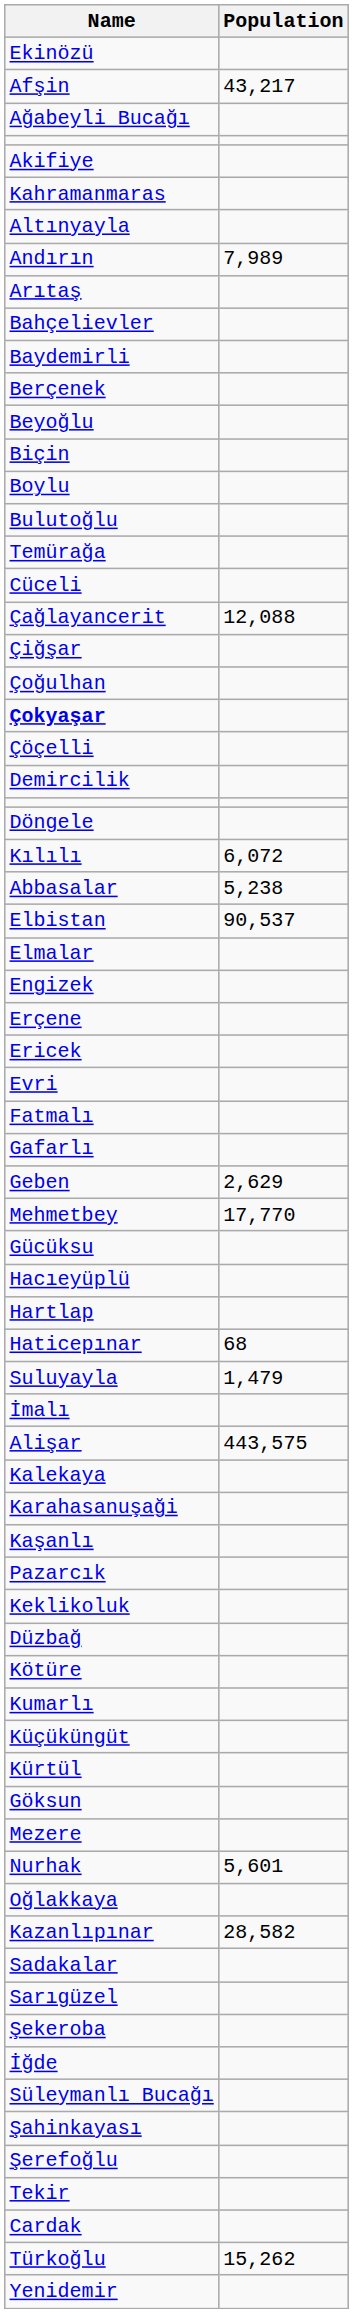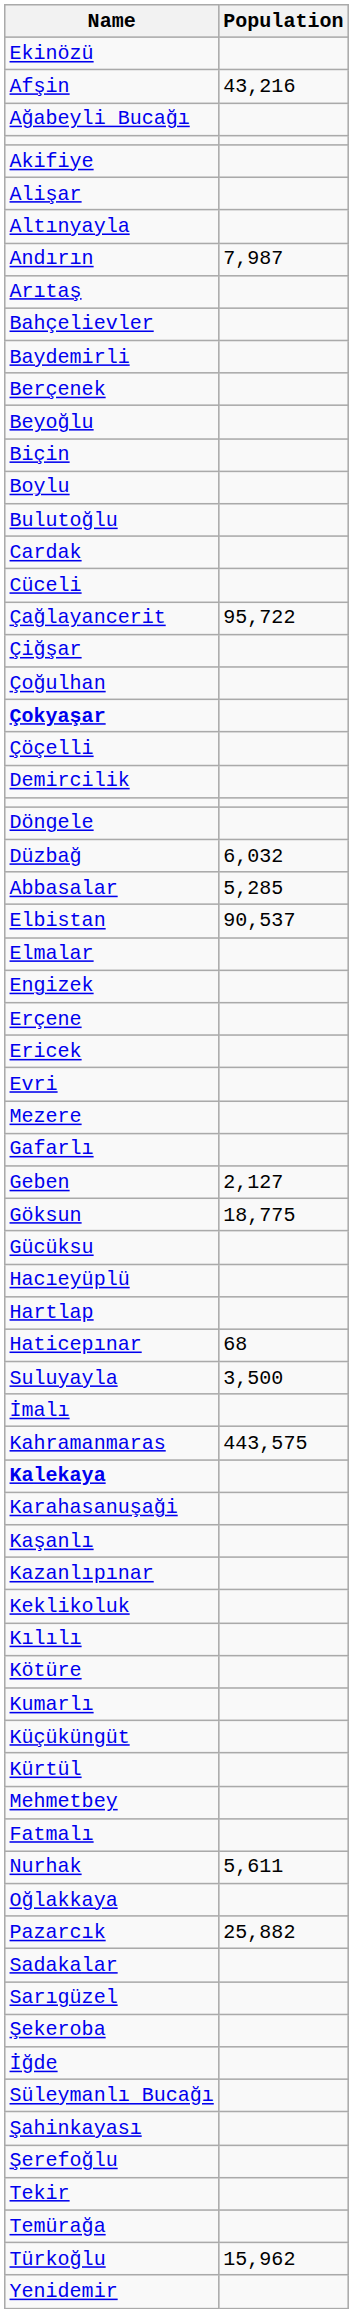 <table class="wikitable sortable">
 <tr>
 <th>Name</th>
 <th>Population</th>
 </tr>
 <tr>
 <td><a href='#'>Ekinözü</a></td>
 <td></td>
 </tr>
 <tr>
 <td><a href='#'>Afşin</a></td>
-<td>43,217</td>
+<td>43,216</td>
 </tr>
 <tr>
 <td><a href='#'>Ağabeyli Bucağı</a></td>
 <td></td>
 </tr>
 <tr>
 <td></td>
 <td></td>
 </tr>
 <tr>
 <td><a href='#'>Akifiye</a></td>
 <td></td>
 </tr>
 <tr>
-<td><a href='#'>Kahramanmaras</a></td>
+<td><a href='#'>Alişar</a></td>
 <td></td>
 </tr>
 <tr>
 <td><a href='#'>Altınyayla</a></td>
 <td></td>
 </tr>
 <tr>
 <td><a href='#'>Andırın</a></td>
-<td>7,989</td>
+<td>7,987</td>
 </tr>
 <tr>
 <td><a href='#'>Arıtaş</a></td>
 <td></td>
 </tr>
 <tr>
 <td><a href='#'>Bahçelievler</a></td>
 <td></td>
 </tr>
 <tr>
 <td><a href='#'>Baydemirli</a></td>
 <td></td>
 </tr>
 <tr>
 <td><a href='#'>Berçenek</a></td>
 <td></td>
 </tr>
 <tr>
 <td><a href='#'>Beyoğlu</a></td>
 <td></td>
 </tr>
 <tr>
 <td><a href='#'>Biçin</a></td>
 <td></td>
 </tr>
 <tr>
 <td><a href='#'>Boylu</a></td>
 <td></td>
 </tr>
 <tr>
 <td><a href='#'>Bulutoğlu</a></td>
 <td></td>
 </tr>
 <tr>
-<td><a href='#'>Temürağa</a></td>
+<td><a href='#'>Cardak</a></td>
 <td></td>
 </tr>
 <tr>
 <td><a href='#'>Cüceli</a></td>
 <td></td>
 </tr>
 <tr>
 <td><a href='#'>Çağlayancerit</a></td>
-<td>12,088</td>
+<td>95,722</td>
 </tr>
 <tr>
 <td><a href='#'>Çiğşar</a></td>
 <td></td>
 </tr>
 <tr>
 <td><a href='#'>Çoğulhan</a></td>
 <td></td>
 </tr>
 <tr>
 <td><strong><a href='#'>Çokyaşar</a></strong></td>
 <td></td>
 </tr>
 <tr>
 <td><a href='#'>Çöçelli</a></td>
 <td></td>
 </tr>
 <tr>
 <td><a href='#'>Demircilik</a></td>
 <td></td>
 </tr>
 <tr>
 <td></td>
 <td></td>
 </tr>
 <tr>
 <td><a href='#'>Döngele</a></td>
 <td></td>
 </tr>
 <tr>
-<td><a href='#'>Kılılı</a></td>
-<td>6,072</td>
+<td><a href='#'>Düzbağ</a></td>
+<td>6,032</td>
 </tr>
 <tr>
 <td><a href='#'>Abbasalar</a></td>
-<td>5,238</td>
+<td>5,285</td>
 </tr>
 <tr>
 <td><a href='#'>Elbistan</a></td>
 <td>90,537</td>
 </tr>
 <tr>
 <td><a href='#'>Elmalar</a></td>
 <td></td>
 </tr>
 <tr>
 <td><a href='#'>Engizek</a></td>
 <td></td>
 </tr>
 <tr>
 <td><a href='#'>Erçene</a></td>
 <td></td>
 </tr>
 <tr>
 <td><a href='#'>Ericek</a></td>
 <td></td>
 </tr>
 <tr>
 <td><a href='#'>Evri</a></td>
 <td></td>
 </tr>
 <tr>
-<td><a href='#'>Fatmalı</a></td>
+<td><a href='#'>Mezere</a></td>
 <td></td>
 </tr>
 <tr>
 <td><a href='#'>Gafarlı</a></td>
 <td></td>
 </tr>
 <tr>
 <td><a href='#'>Geben</a></td>
-<td>2,629</td>
+<td>2,127</td>
 </tr>
 <tr>
-<td><a href='#'>Mehmetbey</a></td>
-<td>17,770</td>
+<td><a href='#'>Göksun</a></td>
+<td>18,775</td>
 </tr>
 <tr>
 <td><a href='#'>Gücüksu</a></td>
 <td></td>
 </tr>
 <tr>
 <td><a href='#'>Hacıeyüplü</a></td>
 <td></td>
 </tr>
 <tr>
 <td><a href='#'>Hartlap</a></td>
 <td></td>
 </tr>
 <tr>
 <td><a href='#'>Haticepınar</a></td>
 <td>68</td>
 </tr>
 <tr>
 <td><a href='#'>Suluyayla</a></td>
-<td>1,479</td>
+<td>3,500</td>
 </tr>
 <tr>
 <td><a href='#'>İmalı</a></td>
 <td></td>
 </tr>
 <tr>
-<td><a href='#'>Alişar</a></td>
+<td><a href='#'>Kahramanmaras</a></td>
 <td>443,575</td>
 </tr>
 <tr>
-<td><a href='#'>Kalekaya</a></td>
+<td><strong><a href='#'>Kalekaya</a></strong></td>
 <td></td>
 </tr>
 <tr>
 <td><a href='#'>Karahasanuşaği</a></td>
 <td></td>
 </tr>
 <tr>
 <td><a href='#'>Kaşanlı</a></td>
 <td></td>
 </tr>
 <tr>
-<td><a href='#'>Pazarcık</a></td>
+<td><a href='#'>Kazanlıpınar</a></td>
 <td></td>
 </tr>
 <tr>
 <td><a href='#'>Keklikoluk</a></td>
 <td></td>
 </tr>
 <tr>
-<td><a href='#'>Düzbağ</a></td>
+<td><a href='#'>Kılılı</a></td>
 <td></td>
 </tr>
 <tr>
 <td><a href='#'>Kötüre</a></td>
 <td></td>
 </tr>
 <tr>
 <td><a href='#'>Kumarlı</a></td>
 <td></td>
 </tr>
 <tr>
 <td><a href='#'>Küçüküngüt</a></td>
 <td></td>
 </tr>
 <tr>
 <td><a href='#'>Kürtül</a></td>
 <td></td>
 </tr>
 <tr>
-<td><a href='#'>Göksun</a></td>
+<td><a href='#'>Mehmetbey</a></td>
 <td></td>
 </tr>
 <tr>
-<td><a href='#'>Mezere</a></td>
+<td><a href='#'>Fatmalı</a></td>
 <td></td>
 </tr>
 <tr>
 <td><a href='#'>Nurhak</a></td>
-<td>5,601</td>
+<td>5,611</td>
 </tr>
 <tr>
 <td><a href='#'>Oğlakkaya</a></td>
 <td></td>
 </tr>
 <tr>
-<td><a href='#'>Kazanlıpınar</a></td>
-<td>28,582</td>
+<td><a href='#'>Pazarcık</a></td>
+<td>25,882</td>
 </tr>
 <tr>
 <td><a href='#'>Sadakalar</a></td>
 <td></td>
 </tr>
 <tr>
 <td><a href='#'>Sarıgüzel</a></td>
 <td></td>
 </tr>
 <tr>
 <td><a href='#'>Şekeroba</a></td>
 <td></td>
 </tr>
 <tr>
 <td><a href='#'>İğde</a></td>
 <td></td>
 </tr>
 <tr>
 <td><a href='#'>Süleymanlı Bucağı</a></td>
 <td></td>
 </tr>
 <tr>
 <td><a href='#'>Şahinkayası</a></td>
 <td></td>
 </tr>
 <tr>
 <td><a href='#'>Şerefoğlu</a></td>
 <td></td>
 </tr>
 <tr>
 <td><a href='#'>Tekir</a></td>
 <td></td>
 </tr>
 <tr>
-<td><a href='#'>Cardak</a></td>
+<td><a href='#'>Temürağa</a></td>
 <td></td>
 </tr>
 <tr>
 <td><a href='#'>Türkoğlu</a></td>
-<td>15,262</td>
+<td>15,962</td>
 </tr>
 <tr>
 <td><a href='#'>Yenidemir</a></td>
 <td></td>
 </tr>
 </table>
